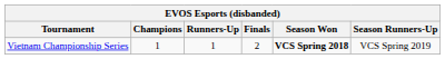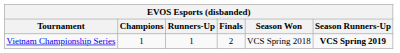 <table class="wikitable" style="font-size:80%; text-align:center;">
 <tr>
 <td colspan="6" style="background-color:#f2f2f2;"> <strong>EVOS Esports (disbanded)</strong></td>
 </tr>
 <tr>
 <th>Tournament</th>
 <th>Champions</th>
 <th>Runners-Up</th>
 <th>Finals</th>
 <th>Season Won</th>
 <th>Season Runners-Up</th>
 </tr>
 <tr>
 <td><a href='#'>Vietnam Championship Series</a></td>
 <td>1</td>
 <td>1</td>
 <td>2</td>
-<td><strong>VCS Spring 2018</strong></td>
-<td>VCS Spring 2019</td>
+<td>VCS Spring 2018</td>
+<td><strong>VCS Spring 2019</strong></td>
 </tr>
 </table>
